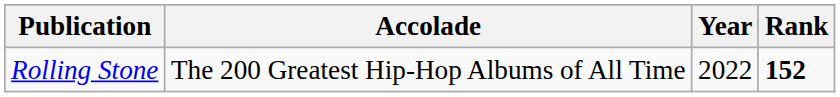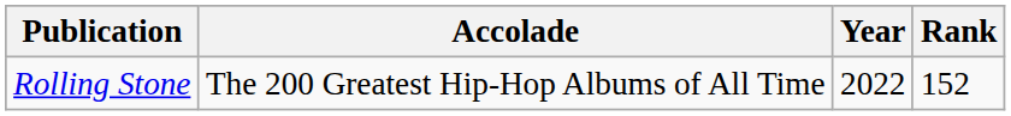 <table class="sortable wikitable">
 <tr>
 <th>Publication</th>
 <th>Accolade</th>
 <th>Year</th>
 <th>Rank</th>
 </tr>
 <tr>
 <td><em><a href='#'>Rolling Stone</a></em></td>
 <td>The 200 Greatest Hip-Hop Albums of All Time</td>
 <td>2022</td>
-<td><strong>152</strong></td>
+<td>152</td>
 </tr>
 </table>
